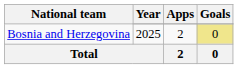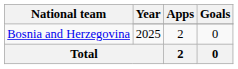 <table class="wikitable" style="text-align:center">
 <tr>
 <th>National team</th>
 <th>Year</th>
 <th>Apps</th>
 <th>Goals</th>
 </tr>
 <tr>
 <td rowspan=2><a href='#'>Bosnia and Herzegovina</a></td>
 </tr>
 <tr>
 <td>2025</td>
 <td>2</td>
-<td style="background: khaki;">0</td>
+<td>0</td>
 </tr>
 <tr>
 <th colspan=2>Total</th>
 <th>2</th>
 <th>0</th>
 </tr>
 </table>
